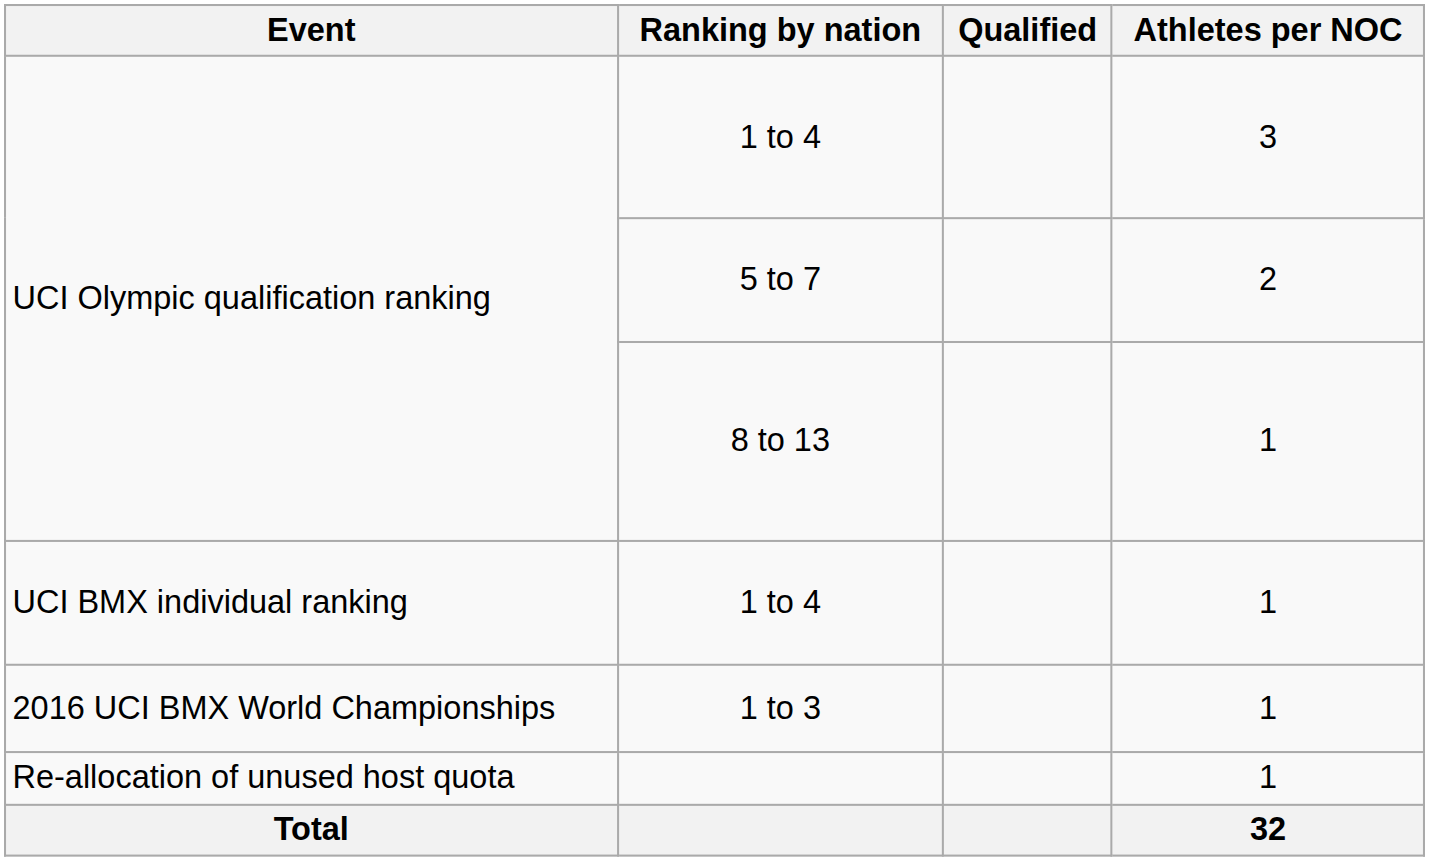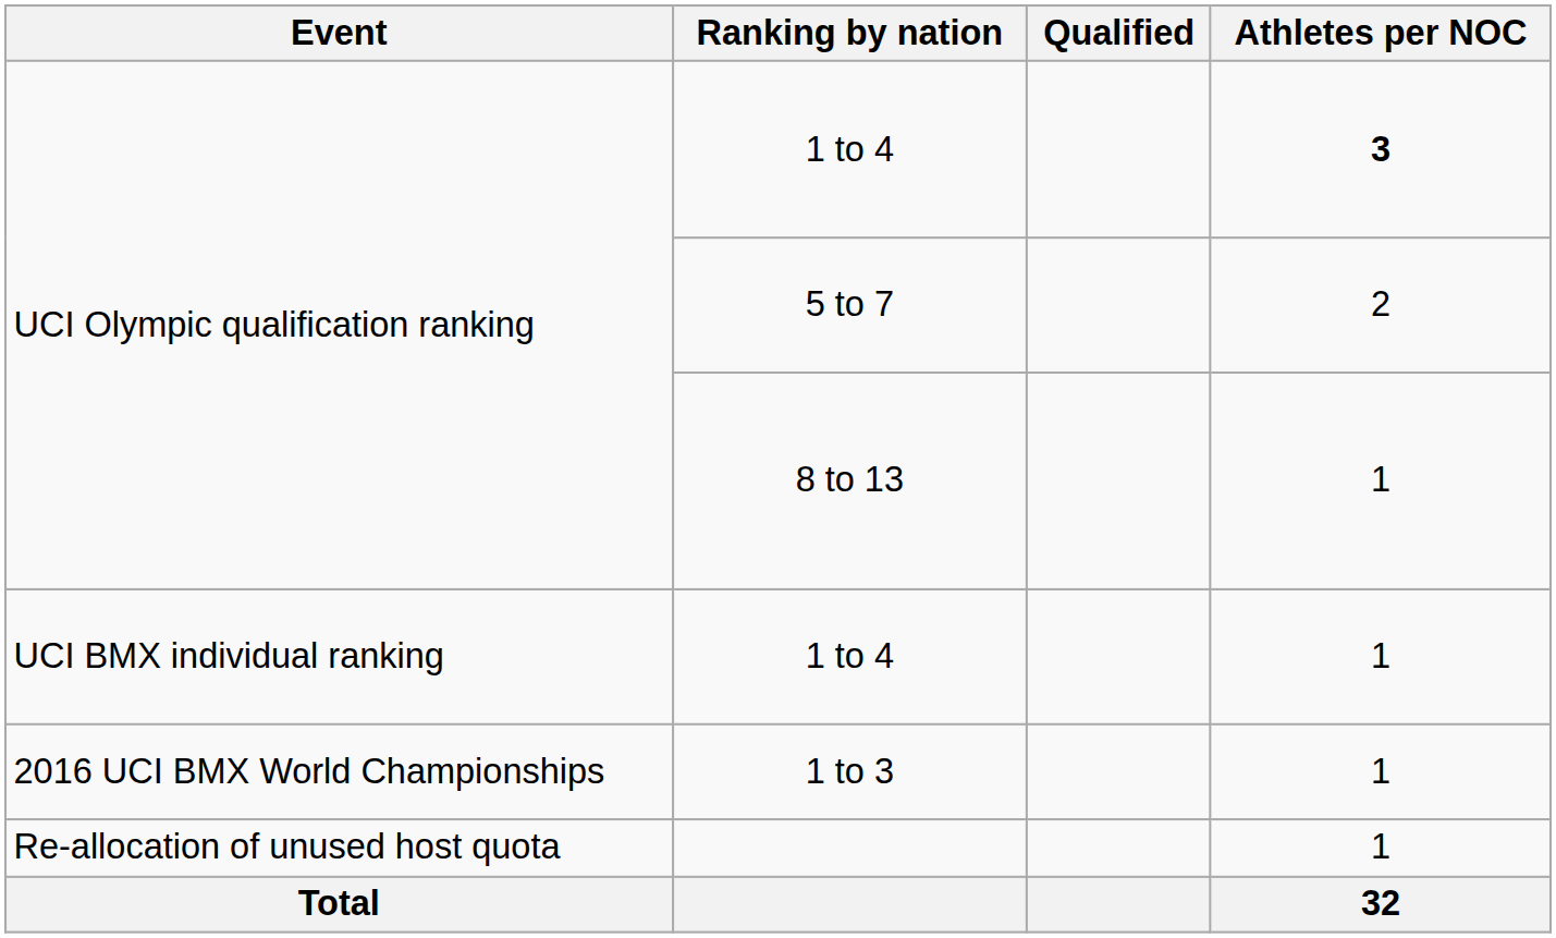 <table class="wikitable"  style="width:700px; text-align:center;">
 <tr>
 <th>Event</th>
 <th>Ranking by nation</th>
 <th>Qualified</th>
 <th>Athletes per NOC</th>
 </tr>
 <tr>
 <td rowspan=3 align=left>UCI Olympic qualification ranking</td>
 <td>1 to 4</td>
 <td align="left"><br><br><br><br></td>
-<td>3</td>
+<td><strong>3</strong></td>
 </tr>
 <tr>
 <td>5 to 7</td>
 <td align="left"><br><br><br></td>
 <td>2</td>
 </tr>
 <tr>
 <td>8 to 13</td>
 <td align="left"><br><br><br><br><br></td>
 <td>1</td>
 </tr>
 <tr>
 <td align=left>UCI BMX individual ranking</td>
 <td>1 to 4</td>
 <td align="left"><br><br><br></td>
 <td>1</td>
 </tr>
 <tr>
 <td align=left>2016 UCI BMX World Championships</td>
 <td>1 to 3</td>
 <td align="left"><br><br></td>
 <td>1</td>
 </tr>
 <tr>
 <td align=left>Re-allocation of unused host quota</td>
 <td></td>
 <td align="left"></td>
 <td>1</td>
 </tr>
 <tr>
 <th>Total</th>
 <th></th>
 <th></th>
 <th>32</th>
 </tr>
 </table>
